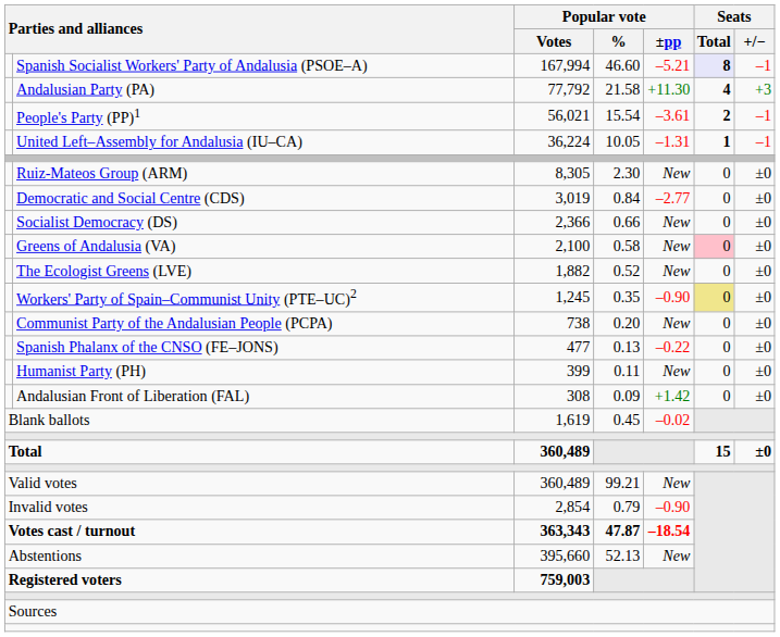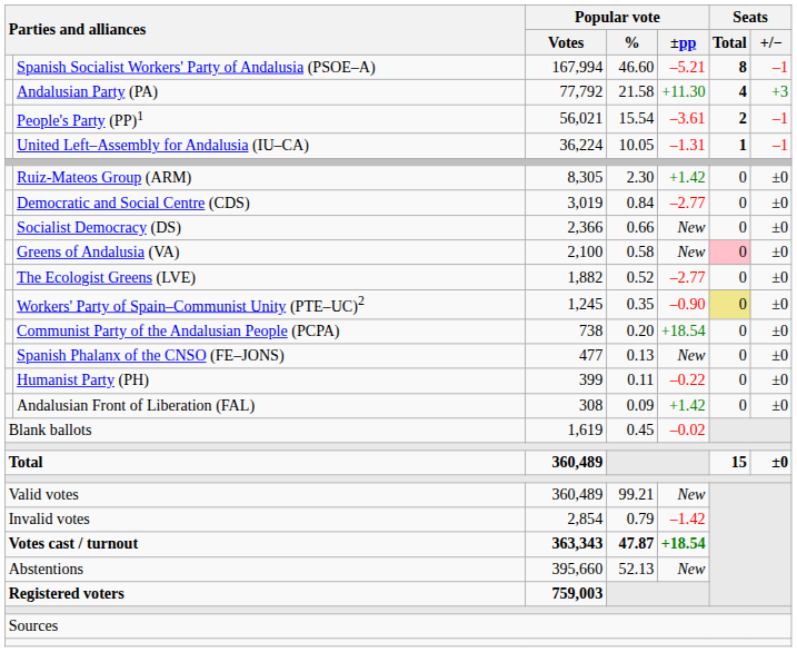 <table class="wikitable" style="text-align:right;">
 <tr>
 <th style="text-align:left;" rowspan="2" colspan="2" width="525">Parties and alliances</th>
 <th colspan="3">Popular vote</th>
 <th colspan="2">Seats</th>
 </tr>
 <tr>
 <th width="75">Votes</th>
 <th width="45">%</th>
 <th width="45">±<a href='#'>pp</a></th>
 <th width="35">Total</th>
 <th width="35">+/−</th>
 </tr>
 <tr>
 <td width="1" style="color:inherit;background:"></td>
 <td align="left"><a href='#'>Spanish Socialist Workers' Party of Andalusia</a> (PSOE–A)</td>
 <td>167,994</td>
 <td>46.60</td>
 <td style="color:red;">–5.21</td>
-<td style="background: lavender;"><strong>8</strong></td>
+<td><strong>8</strong></td>
 <td style="color:red;">–1</td>
 </tr>
 <tr>
 <td style="color:inherit;background:"></td>
 <td align="left"><a href='#'>Andalusian Party</a> (PA)</td>
 <td>77,792</td>
 <td>21.58</td>
 <td style="color:green;">+11.30</td>
 <td><strong>4</strong></td>
 <td style="color:green;">+3</td>
 </tr>
 <tr>
 <td style="color:inherit;background:"></td>
 <td align="left"><a href='#'>People's Party</a> (PP)<sup>1</sup></td>
 <td>56,021</td>
 <td>15.54</td>
 <td style="color:red;">–3.61</td>
 <td><strong>2</strong></td>
 <td style="color:red;">–1</td>
 </tr>
 <tr>
 <td style="color:inherit;background:"></td>
 <td align="left"><a href='#'>United Left–Assembly for Andalusia</a> (IU–CA)</td>
 <td>36,224</td>
 <td>10.05</td>
 <td style="color:red;">–1.31</td>
 <td><strong>1</strong></td>
 <td style="color:red;">–1</td>
 </tr>
 <tr>
 <td colspan="7" bgcolor="#C0C0C0"></td>
 </tr>
 <tr>
 <td style="color:inherit;background:"></td>
 <td align="left"><a href='#'>Ruiz-Mateos Group</a> (ARM)</td>
 <td>8,305</td>
 <td>2.30</td>
-<td><em>New</em></td>
+<td style="color:green;">+1.42</td>
 <td>0</td>
 <td>±0</td>
 </tr>
 <tr>
 <td style="color:inherit;background:"></td>
 <td align="left"><a href='#'>Democratic and Social Centre</a> (CDS)</td>
 <td>3,019</td>
 <td>0.84</td>
 <td style="color:red;">–2.77</td>
 <td>0</td>
 <td>±0</td>
 </tr>
 <tr>
 <td style="color:inherit;background:"></td>
 <td align="left"><a href='#'>Socialist Democracy</a> (DS)</td>
 <td>2,366</td>
 <td>0.66</td>
 <td><em>New</em></td>
 <td>0</td>
 <td>±0</td>
 </tr>
 <tr>
 <td style="color:inherit;background:"></td>
 <td align="left"><a href='#'>Greens of Andalusia</a> (VA)</td>
 <td>2,100</td>
 <td>0.58</td>
 <td><em>New</em></td>
 <td style="background: pink;">0</td>
 <td>±0</td>
 </tr>
 <tr>
 <td style="color:inherit;background:"></td>
 <td align="left"><a href='#'>The Ecologist Greens</a> (LVE)</td>
 <td>1,882</td>
 <td>0.52</td>
-<td><em>New</em></td>
+<td style="color:red;">–2.77</td>
 <td>0</td>
 <td>±0</td>
 </tr>
 <tr>
 <td style="color:inherit;background:"></td>
 <td align="left"><a href='#'>Workers' Party of Spain–Communist Unity</a> (PTE–UC)<sup>2</sup></td>
 <td>1,245</td>
 <td>0.35</td>
 <td style="color:red;">–0.90</td>
 <td style="background: khaki;">0</td>
 <td>±0</td>
 </tr>
 <tr>
 <td style="color:inherit;background:"></td>
 <td align="left"><a href='#'>Communist Party of the Andalusian People</a> (PCPA)</td>
 <td>738</td>
 <td>0.20</td>
-<td><em>New</em></td>
+<td style="color:green;">+18.54</td>
 <td>0</td>
 <td>±0</td>
 </tr>
 <tr>
 <td style="color:inherit;background:"></td>
 <td align="left"><a href='#'>Spanish Phalanx of the CNSO</a> (FE–JONS)</td>
 <td>477</td>
 <td>0.13</td>
-<td style="color:red;">–0.22</td>
+<td><em>New</em></td>
 <td>0</td>
 <td>±0</td>
 </tr>
 <tr>
 <td style="color:inherit;background:"></td>
 <td align="left"><a href='#'>Humanist Party</a> (PH)</td>
 <td>399</td>
 <td>0.11</td>
-<td><em>New</em></td>
+<td style="color:red;">–0.22</td>
 <td>0</td>
 <td>±0</td>
 </tr>
 <tr>
 <td style="color:inherit;background:"></td>
 <td align="left">Andalusian Front of Liberation (FAL)</td>
 <td>308</td>
 <td>0.09</td>
 <td style="color:green;">+1.42</td>
 <td>0</td>
 <td>±0</td>
 </tr>
 <tr>
 <td align="left" colspan="2">Blank ballots</td>
 <td>1,619</td>
 <td>0.45</td>
 <td style="color:red;">–0.02</td>
 <td bgcolor="#E9E9E9" colspan="2"></td>
 </tr>
 <tr>
 <td colspan="7" bgcolor="#E9E9E9"></td>
 </tr>
 <tr style="font-weight:bold;">
 <td align="left" colspan="2">Total</td>
 <td>360,489</td>
 <td bgcolor="#E9E9E9" colspan="2"></td>
 <td>15</td>
 <td>±0</td>
 </tr>
 <tr>
 <td colspan="7" bgcolor="#E9E9E9"></td>
 </tr>
 <tr>
 <td align="left" colspan="2">Valid votes</td>
 <td>360,489</td>
 <td>99.21</td>
 <td><em>New</em></td>
 <td bgcolor="#E9E9E9" colspan="2" rowspan="5"></td>
 </tr>
 <tr>
 <td align="left" colspan="2">Invalid votes</td>
 <td>2,854</td>
 <td>0.79</td>
-<td style="color:red;">–0.90</td>
+<td style="color:red;">–1.42</td>
 </tr>
 <tr style="font-weight:bold;">
 <td align="left" colspan="2">Votes cast / turnout</td>
 <td>363,343</td>
 <td>47.87</td>
-<td style="color:red;">–18.54</td>
+<td style="color:green;">+18.54</td>
 </tr>
 <tr>
 <td align="left" colspan="2">Abstentions</td>
 <td>395,660</td>
 <td>52.13</td>
 <td><em>New</em></td>
 </tr>
 <tr style="font-weight:bold;">
 <td align="left" colspan="2">Registered voters</td>
 <td>759,003</td>
 <td bgcolor="#E9E9E9" colspan="2"></td>
 </tr>
 <tr>
 <td colspan="7" bgcolor="#E9E9E9"></td>
 </tr>
 <tr>
 <td align="left" colspan="7">Sources</td>
 </tr>
 <tr>
 <td colspan="7" style="text-align:left; max-width:790px;"></td>
 </tr>
 </table>
